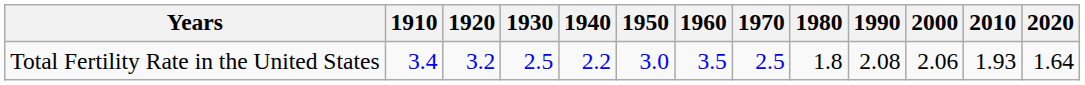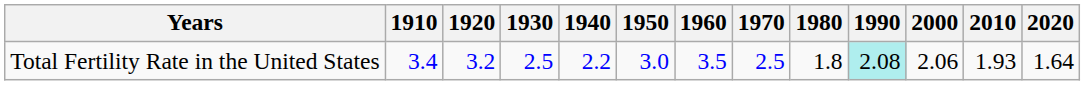 <table class="wikitable " style="text-align:right">
 <tr>
 <th>Years</th>
 <th>1910</th>
 <th>1920</th>
 <th>1930</th>
 <th>1940</th>
 <th>1950</th>
 <th>1960</th>
 <th>1970</th>
 <th>1980</th>
 <th>1990</th>
 <th>2000</th>
 <th>2010</th>
 <th>2020</th>
 </tr>
 <tr>
 <td align="left">Total Fertility Rate in the United States</td>
 <td style="text-align:right; color:blue;">3.4</td>
 <td style="text-align:right; color:blue;">3.2</td>
 <td style="text-align:right; color:blue;">2.5</td>
 <td style="text-align:right; color:blue;">2.2</td>
 <td style="text-align:right; color:blue;">3.0</td>
 <td style="text-align:right; color:blue;">3.5</td>
 <td style="text-align:right; color:blue;">2.5</td>
 <td>1.8</td>
-<td>2.08</td>
+<td style="background: paleturquoise;">2.08</td>
 <td>2.06</td>
 <td>1.93</td>
 <td>1.64</td>
 </tr>
 </table>
